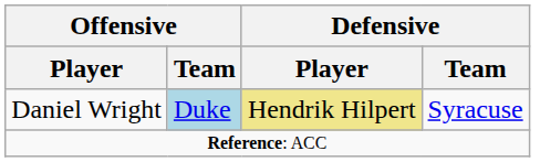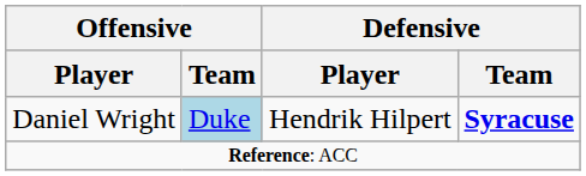 <table class="wikitable">
 <tr>
 <th colspan="2">Offensive</th>
 <th colspan="2">Defensive</th>
 </tr>
 <tr>
 <th>Player</th>
 <th>Team</th>
 <th>Player</th>
 <th>Team</th>
 </tr>
 <tr>
 <td>Daniel Wright</td>
 <td style="background: lightblue;"><a href='#'>Duke</a></td>
-<td style="background: khaki;">Hendrik Hilpert</td>
-<td><a href='#'>Syracuse</a></td>
+<td>Hendrik Hilpert</td>
+<td><strong><a href='#'>Syracuse</a></strong></td>
 </tr>
 <tr>
 <td colspan="12"  style="font-size:8pt; text-align:center;"><strong>Reference</strong>: ACC</td>
 </tr>
 </table>
